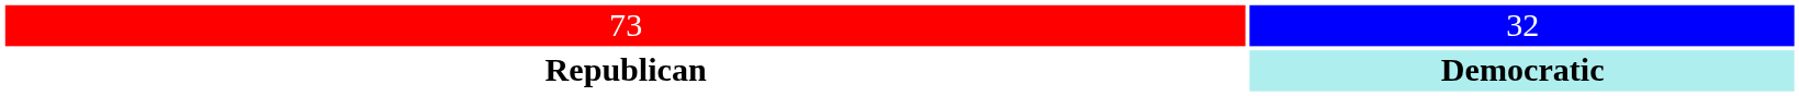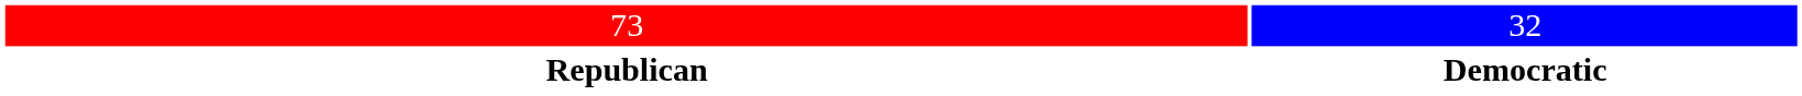 <table style="width:55%; text-align:center;">
 <tr style="color:white;">
 <td style="background:red; width:69.52%;">73</td>
 <td style="background:blue; width:30.48%;">32</td>
 </tr>
 <tr>
 <td><span><strong>Republican</strong></span></td>
-<td style="background: paleturquoise;"><span><strong>Democratic</strong></span></td>
+<td><span><strong>Democratic</strong></span></td>
 </tr>
 </table>
